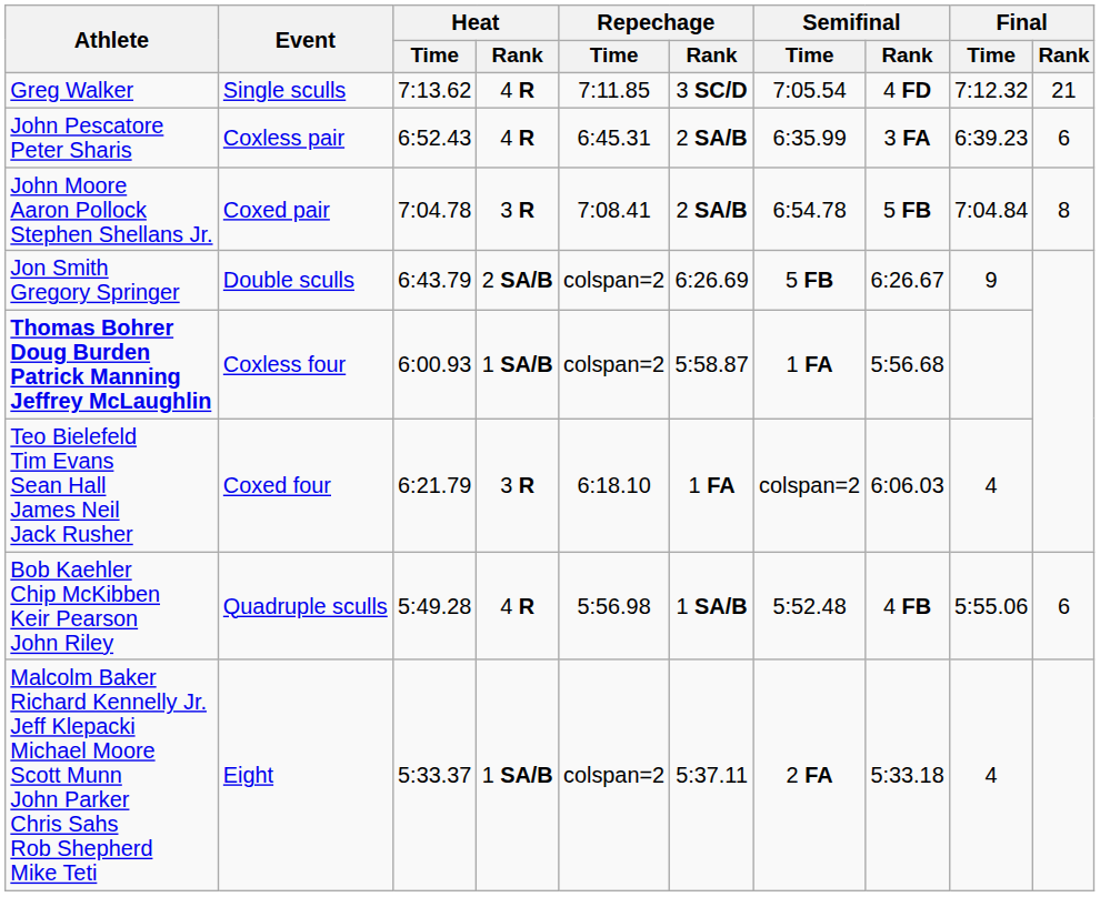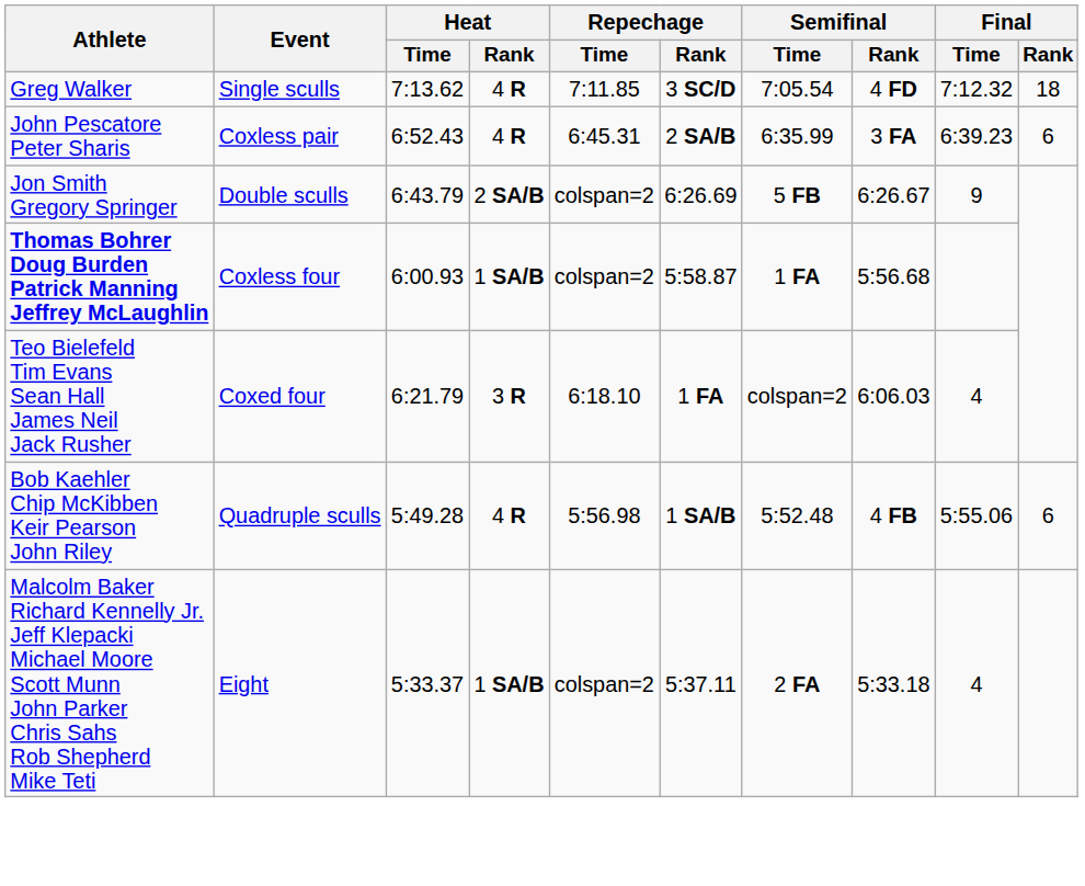 <table class=wikitable style=font-size:90%;text-align:center>
 <tr>
 <th rowspan=2>Athlete</th>
 <th rowspan=2>Event</th>
 <th colspan=2>Heat</th>
 <th colspan=2>Repechage</th>
 <th colspan=2>Semifinal</th>
 <th colspan=2>Final</th>
 </tr>
 <tr style=font-size:95%>
 <th>Time</th>
 <th>Rank</th>
 <th>Time</th>
 <th>Rank</th>
 <th>Time</th>
 <th>Rank</th>
 <th>Time</th>
 <th>Rank</th>
 </tr>
 <tr>
 <td align=left><a href='#'>Greg Walker</a></td>
 <td align=left><a href='#'>Single sculls</a></td>
 <td>7:13.62</td>
 <td>4 <strong>R</strong></td>
 <td>7:11.85</td>
 <td>3 <strong>SC/D</strong></td>
 <td>7:05.54</td>
 <td>4 <strong>FD</strong></td>
 <td>7:12.32</td>
-<td>21</td>
+<td>18</td>
 </tr>
 <tr>
 <td align=left><a href='#'>John Pescatore</a><br><a href='#'>Peter Sharis</a></td>
 <td align=left><a href='#'>Coxless pair</a></td>
 <td>6:52.43</td>
 <td>4 <strong>R</strong></td>
 <td>6:45.31</td>
 <td>2 <strong>SA/B</strong></td>
 <td>6:35.99</td>
 <td>3 <strong>FA</strong></td>
 <td>6:39.23</td>
 <td>6</td>
-</tr>
-<tr>
-<td align=left><a href='#'>John Moore</a><br><a href='#'>Aaron Pollock</a><br><a href='#'>Stephen Shellans Jr.</a></td>
-<td align=left><a href='#'>Coxed pair</a></td>
-<td>7:04.78</td>
-<td>3 <strong>R</strong></td>
-<td>7:08.41</td>
-<td>2 <strong>SA/B</strong></td>
-<td>6:54.78</td>
-<td>5 <strong>FB</strong></td>
-<td>7:04.84</td>
-<td>8</td>
 </tr>
 <tr>
 <td align=left><a href='#'>Jon Smith</a><br><a href='#'>Gregory Springer</a></td>
 <td align=left><a href='#'>Double sculls</a></td>
 <td>6:43.79</td>
 <td>2 <strong>SA/B</strong></td>
 <td>colspan=2 </td>
 <td>6:26.69</td>
 <td>5 <strong>FB</strong></td>
 <td>6:26.67</td>
 <td>9</td>
 </tr>
 <tr>
 <td align=left><strong><a href='#'>Thomas Bohrer</a><br><a href='#'>Doug Burden</a><br><a href='#'>Patrick Manning</a><br><a href='#'>Jeffrey McLaughlin</a></strong></td>
 <td align=left><a href='#'>Coxless four</a></td>
 <td>6:00.93</td>
 <td>1 <strong>SA/B</strong></td>
 <td>colspan=2 </td>
 <td>5:58.87</td>
 <td>1 <strong>FA</strong></td>
 <td>5:56.68</td>
 <td></td>
 </tr>
 <tr>
 <td align=left><a href='#'>Teo Bielefeld</a><br><a href='#'>Tim Evans</a><br><a href='#'>Sean Hall</a><br><a href='#'>James Neil</a><br><a href='#'>Jack Rusher</a></td>
 <td align=left><a href='#'>Coxed four</a></td>
 <td>6:21.79</td>
 <td>3 <strong>R</strong></td>
 <td>6:18.10</td>
 <td>1 <strong>FA</strong></td>
 <td>colspan=2 </td>
 <td>6:06.03</td>
 <td>4</td>
 </tr>
 <tr>
 <td align=left><a href='#'>Bob Kaehler</a><br><a href='#'>Chip McKibben</a><br><a href='#'>Keir Pearson</a><br><a href='#'>John Riley</a></td>
 <td align=left><a href='#'>Quadruple sculls</a></td>
 <td>5:49.28</td>
 <td>4 <strong>R</strong></td>
 <td>5:56.98</td>
 <td>1 <strong>SA/B</strong></td>
 <td>5:52.48</td>
 <td>4 <strong>FB</strong></td>
 <td>5:55.06</td>
 <td>6</td>
 </tr>
 <tr>
 <td align=left><a href='#'>Malcolm Baker</a><br><a href='#'>Richard Kennelly Jr.</a><br><a href='#'>Jeff Klepacki</a><br><a href='#'>Michael Moore</a><br><a href='#'>Scott Munn</a><br><a href='#'>John Parker</a><br><a href='#'>Chris Sahs</a><br><a href='#'>Rob Shepherd</a><br><a href='#'>Mike Teti</a></td>
 <td align=left><a href='#'>Eight</a></td>
 <td>5:33.37</td>
 <td>1 <strong>SA/B</strong></td>
 <td>colspan=2 </td>
 <td>5:37.11</td>
 <td>2 <strong>FA</strong></td>
 <td>5:33.18</td>
 <td>4</td>
 </tr>
 </table>
